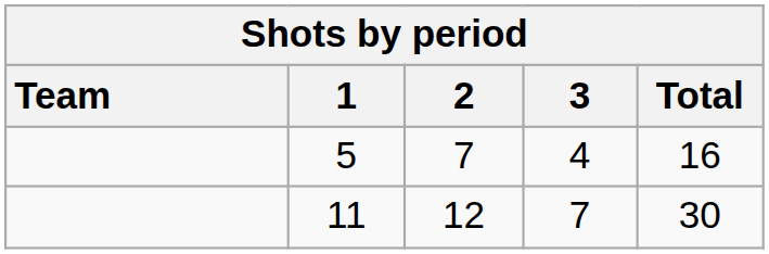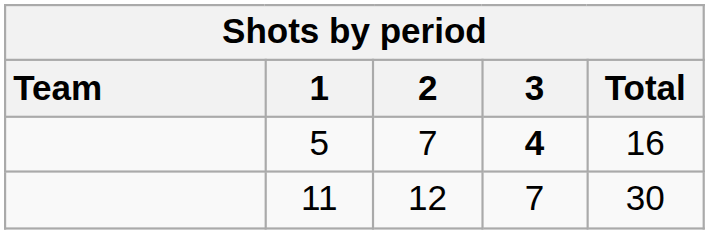 <table class="wikitable" style="width:20em;">
 <tr>
 <th colspan="6">Shots by period</th>
 </tr>
 <tr>
 <th style="width:8em; text-align:left;">Team</th>
 <th style="width:3em;">1</th>
 <th style="width:3em;">2</th>
 <th style="width:3em;">3</th>
 <th style="width:3em;">Total</th>
 </tr>
 <tr style="text-align:center;">
 <td style="text-align:left;"></td>
 <td>5</td>
 <td>7</td>
-<td>4</td>
+<td><strong>4</strong></td>
 <td>16</td>
 </tr>
 <tr style="text-align:center;">
 <td style="text-align:left;"></td>
 <td>11</td>
 <td>12</td>
 <td>7</td>
 <td>30</td>
 </tr>
 </table>
